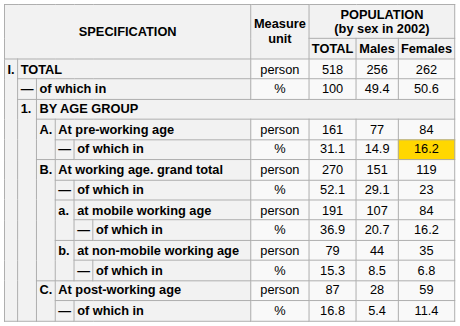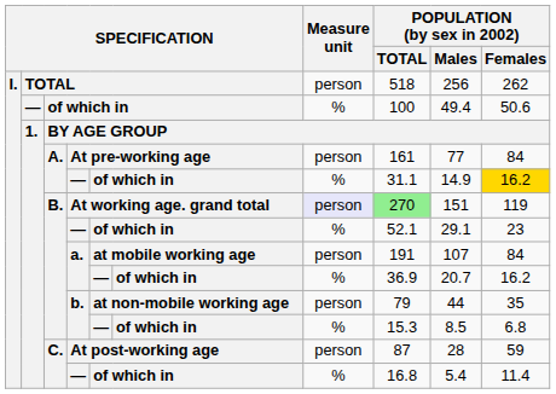 <table class="wikitable" style="font-size:85%; text-align:center">
 <tr>
 <th rowspan="2" colspan="6">SPECIFICATION</th>
 <th rowspan="2">Measure<br> unit</th>
 <th colspan="3" rowspan="1">POPULATION<br> (by sex in 2002)</th>
 </tr>
 <tr>
 <th>TOTAL</th>
 <th>Males</th>
 <th>Females</th>
 </tr>
 <tr>
 <th style="text-align:left" valign="top" rowspan="13">I.</th>
 <th style="text-align:left" colspan="5">TOTAL</th>
 <td>person</td>
 <td>518</td>
 <td>256</td>
 <td>262</td>
 </tr>
 <tr>
 <th style="text-align:left" valign="top">—</th>
 <th style="text-align:left" colspan="4">of which in</th>
 <td>%</td>
 <td>100</td>
 <td>49.4</td>
 <td>50.6</td>
 </tr>
 <tr>
 <th style="text-align:left" valign="top" rowspan="11">1.</th>
 <th style="text-align:left" colspan="19">BY AGE GROUP</th>
 </tr>
 <tr>
 <th style="text-align:left" valign="top" rowspan="2">A.</th>
 <th style="text-align:left" colspan="3">At pre-working age</th>
 <td>person</td>
 <td>161</td>
 <td>77</td>
 <td>84</td>
 </tr>
 <tr>
 <th style="text-align:left" valign="top">—</th>
 <th style="text-align:left" valign="top" colspan="2">of which in</th>
 <td>%</td>
 <td>31.1</td>
 <td>14.9</td>
 <td style="background: gold;">16.2</td>
 </tr>
 <tr>
 <th style="text-align:left" valign="top" rowspan="6">B.</th>
 <th style="text-align:left" colspan="3">At working age. grand total</th>
-<td>person</td>
-<td>270</td>
+<td style="background: lavender;">person</td>
+<td style="background: lightgreen;">270</td>
 <td>151</td>
 <td>119</td>
 </tr>
 <tr>
 <th style="text-align:left" valign="top">—</th>
 <th style="text-align:left" valign="top" colspan="2">of which in</th>
 <td>%</td>
 <td>52.1</td>
 <td>29.1</td>
 <td>23</td>
 </tr>
 <tr>
 <th style="text-align:left" valign="top" rowspan="2">a.</th>
 <th style="text-align:left" colspan="2">at mobile working age</th>
 <td>person</td>
 <td>191</td>
 <td>107</td>
 <td>84</td>
 </tr>
 <tr>
 <th style="text-align:left" valign="top">—</th>
 <th style="text-align:left" valign="top" colspan="1">of which in                        </th>
 <td>%</td>
 <td>36.9</td>
 <td>20.7</td>
 <td>16.2</td>
 </tr>
 <tr>
 <th style="text-align:left" valign="top" rowspan="2">b.</th>
 <th style="text-align:left" colspan="2">at non-mobile working age</th>
 <td>person</td>
 <td>79</td>
 <td>44</td>
 <td>35</td>
 </tr>
 <tr>
 <th style="text-align:left" valign="top">—</th>
 <th style="text-align:left" valign="top" colspan="1">of which in                        </th>
 <td>%</td>
 <td>15.3</td>
 <td>8.5</td>
 <td>6.8</td>
 </tr>
 <tr>
 <th style="text-align:left" valign="top" rowspan="2">C.</th>
 <th style="text-align:left" colspan="3">At post-working age</th>
 <td>person</td>
 <td>87</td>
 <td>28</td>
 <td>59</td>
 </tr>
 <tr>
 <th style="text-align:left" valign="top">—</th>
 <th style="text-align:left" valign="top" colspan="2">of which in</th>
 <td>%</td>
 <td>16.8</td>
 <td>5.4</td>
 <td>11.4</td>
 </tr>
 </table>
